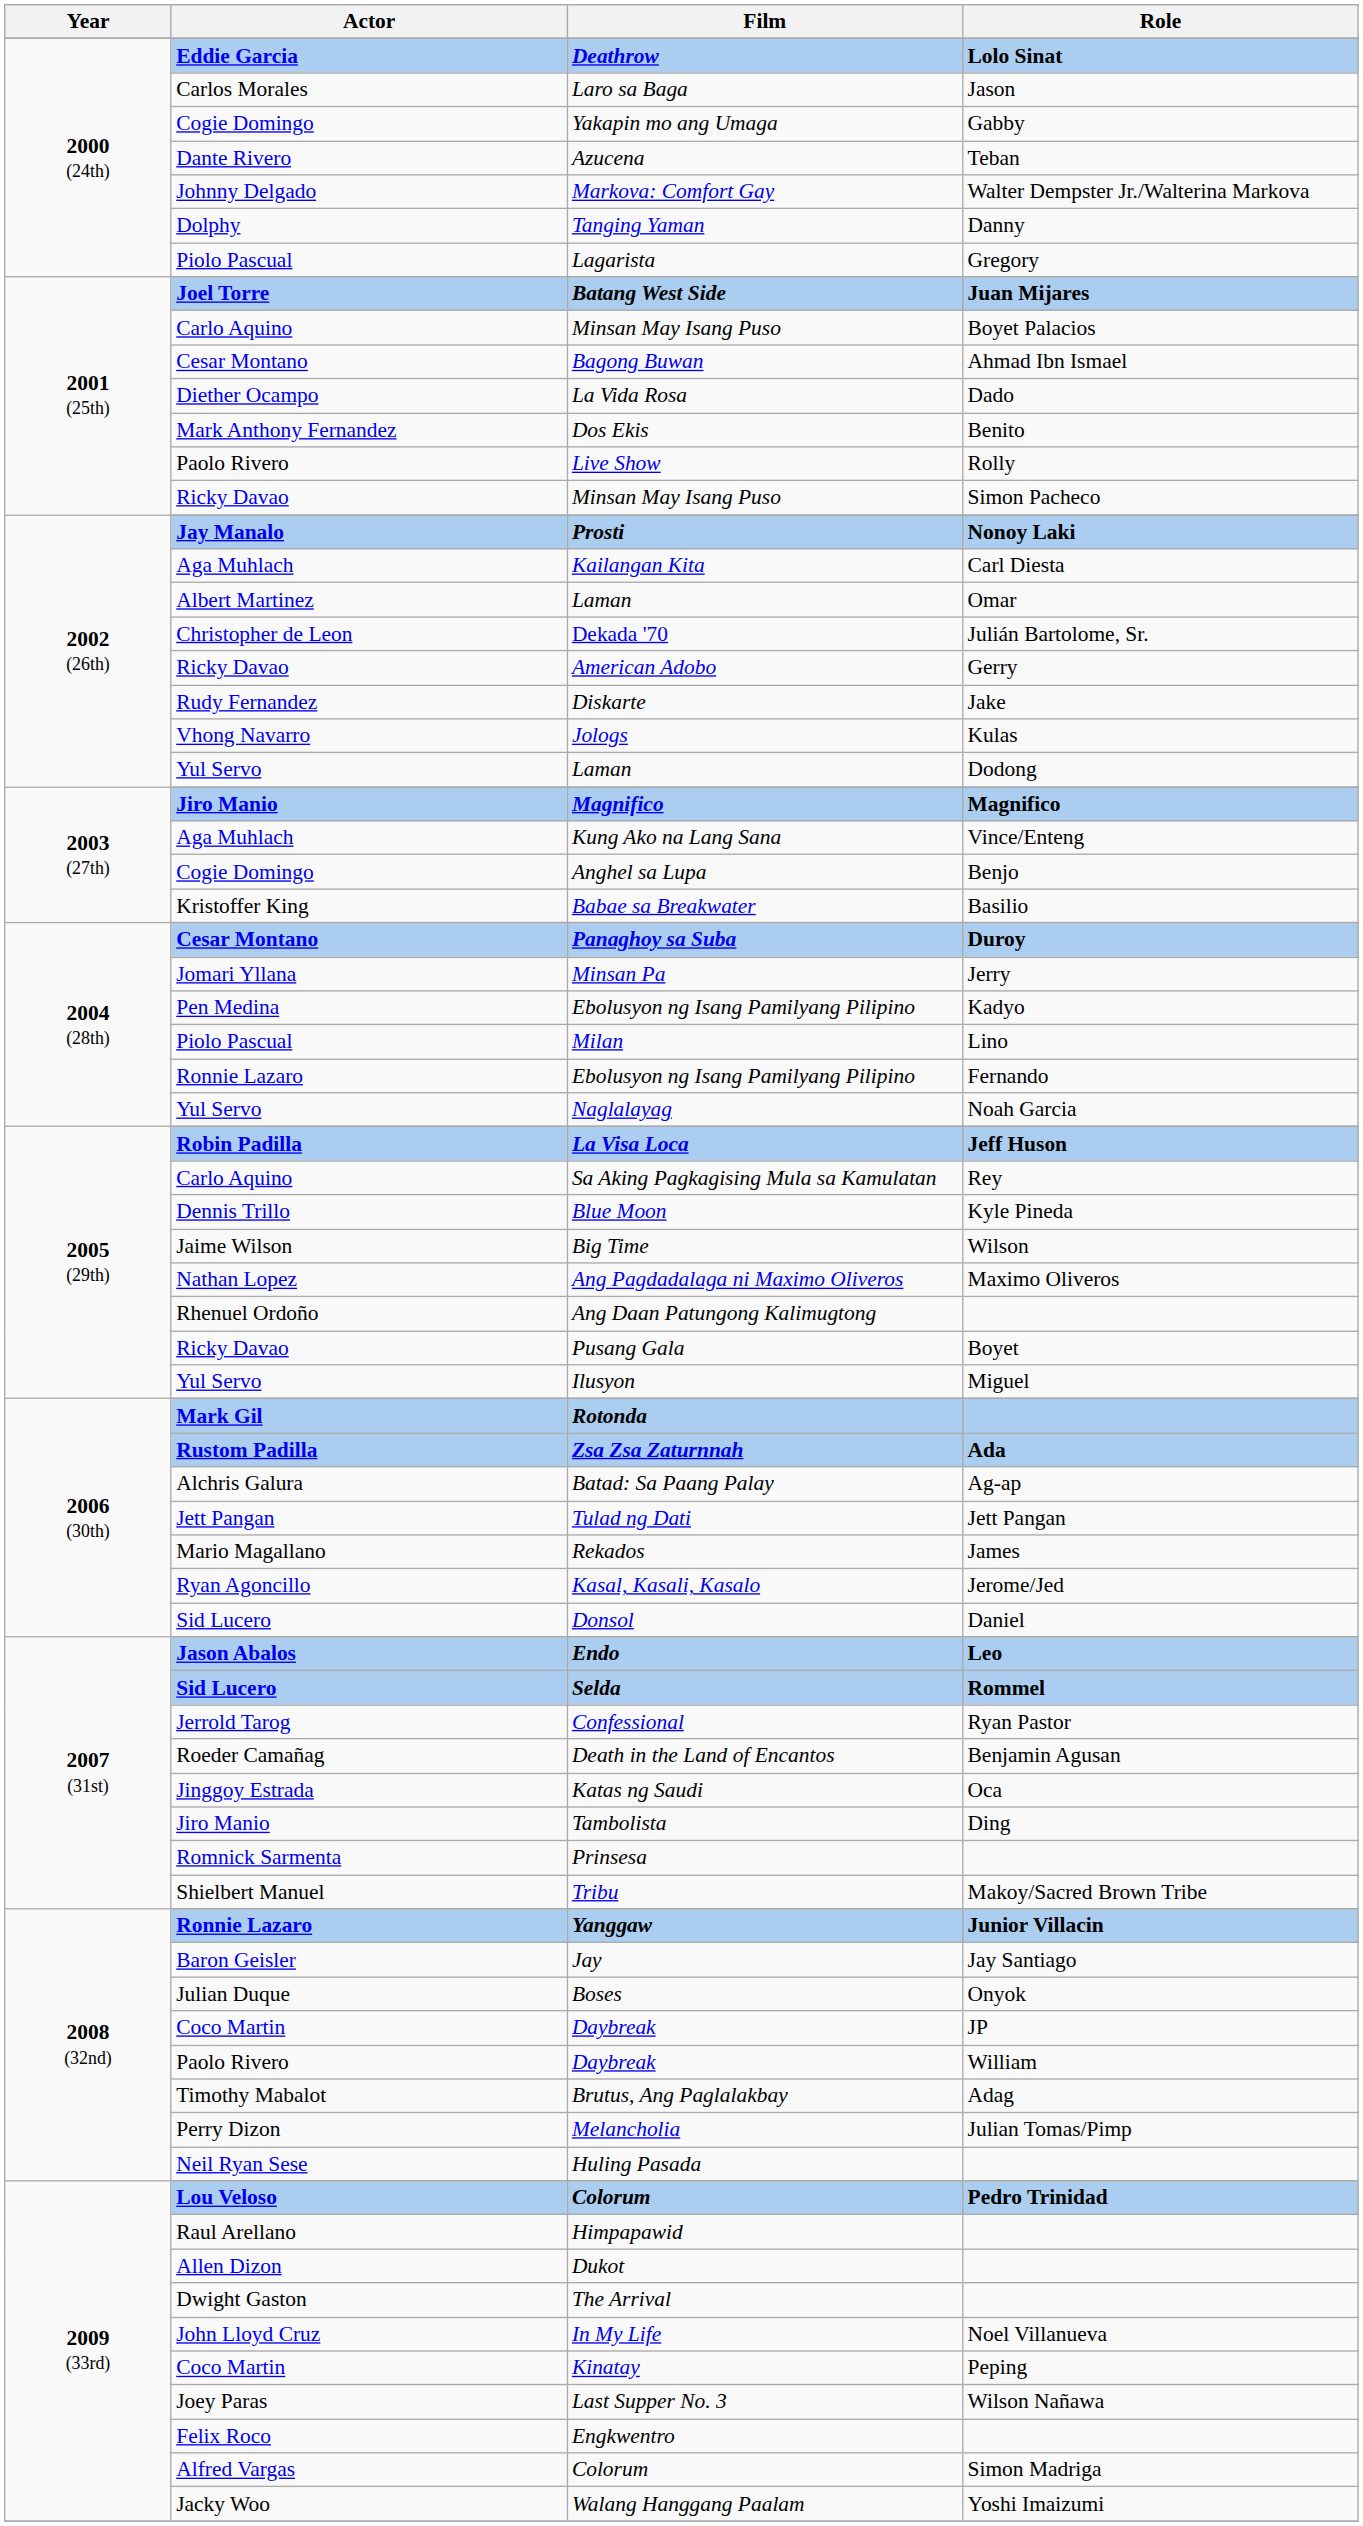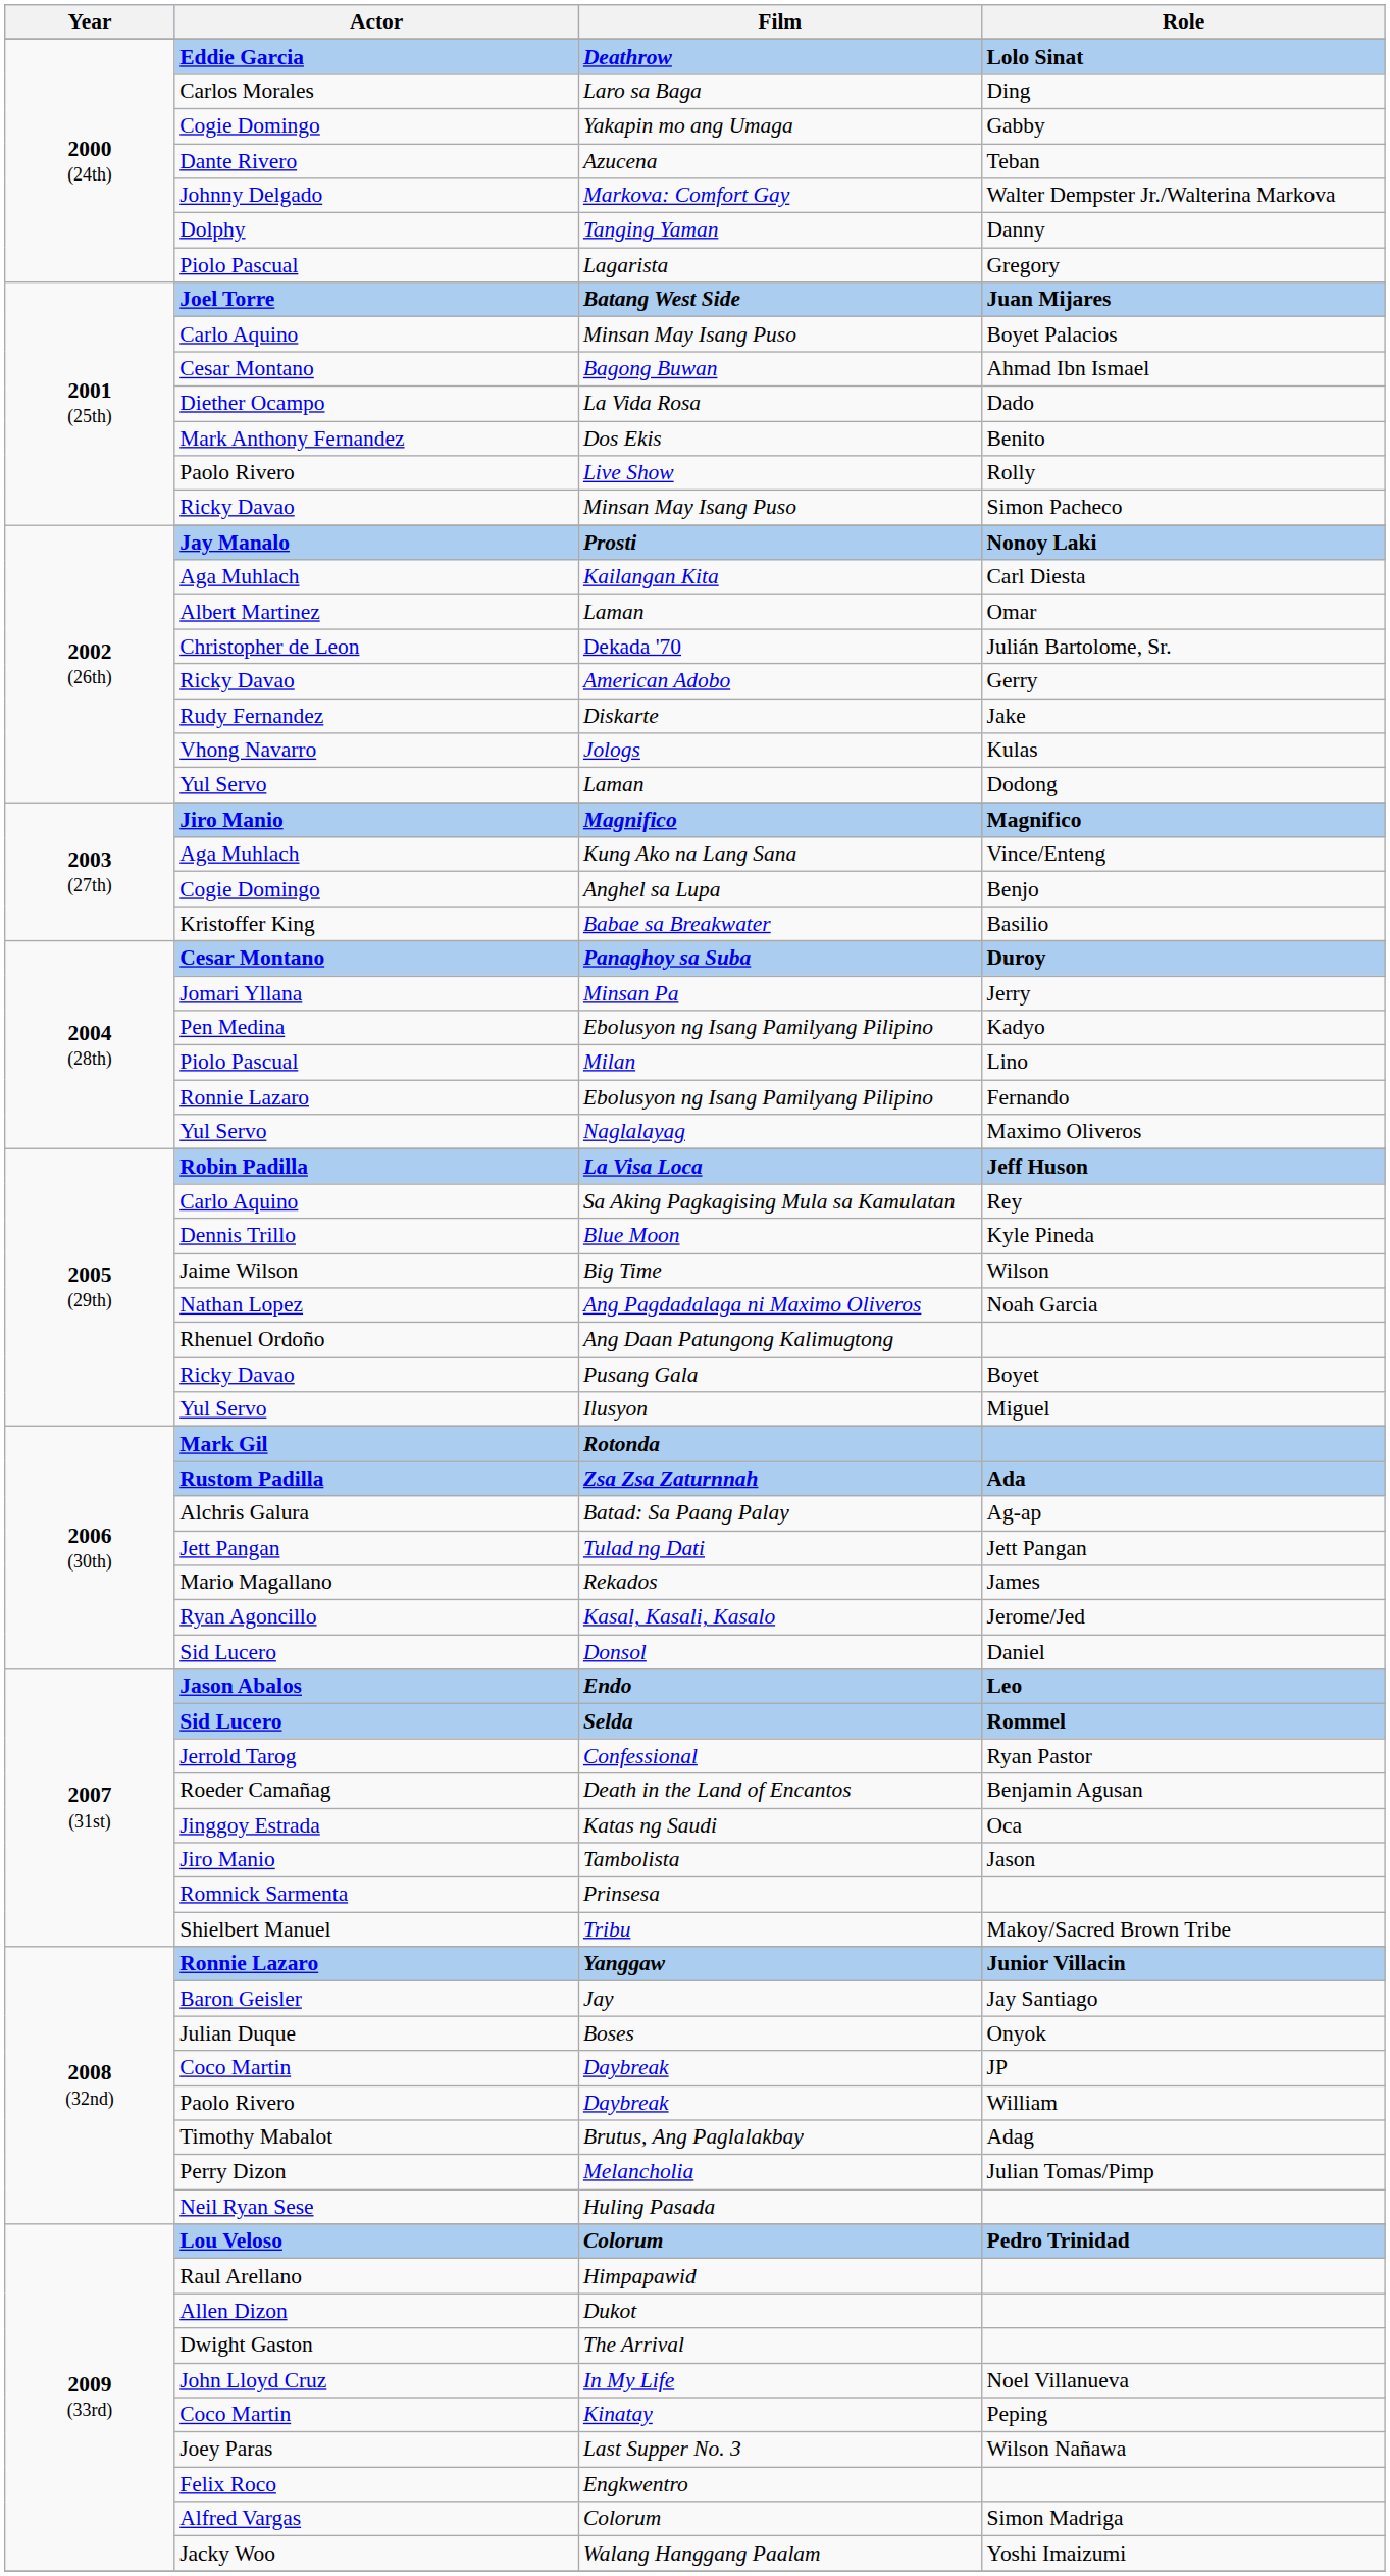 <table class="wikitable" style="width:80%">
 <tr bgcolor="#ABCDEF">
 <th width="8%">Year</th>
 <th width="19%">Actor</th>
 <th width="19%">Film</th>
 <th width="19%">Role</th>
 </tr>
 <tr>
 </tr>
 <tr>
 <td rowspan=8 style="text-align:center"><strong>2000</strong><br><small>(24th)</small></td>
 </tr>
 <tr style="background:#ABCDEF">
 <td><strong><a href='#'>Eddie Garcia</a></strong></td>
 <td><strong><em><a href='#'>Deathrow</a></em></strong></td>
 <td><strong>Lolo Sinat</strong></td>
 </tr>
 <tr>
 <td>Carlos Morales</td>
 <td><em>Laro sa Baga</em></td>
-<td>Jason</td>
+<td>Ding</td>
 </tr>
 <tr>
 <td><a href='#'>Cogie Domingo</a></td>
 <td><em>Yakapin mo ang Umaga</em></td>
 <td>Gabby</td>
 </tr>
 <tr>
 <td><a href='#'>Dante Rivero</a></td>
 <td><em>Azucena</em></td>
 <td>Teban</td>
 </tr>
 <tr>
 <td><a href='#'>Johnny Delgado</a></td>
 <td><em><a href='#'>Markova: Comfort Gay</a></em></td>
 <td>Walter Dempster Jr./Walterina Markova</td>
 </tr>
 <tr>
 <td><a href='#'>Dolphy</a></td>
 <td><em><a href='#'>Tanging Yaman</a></em></td>
 <td>Danny</td>
 </tr>
 <tr>
 <td><a href='#'>Piolo Pascual</a></td>
 <td><em>Lagarista</em></td>
 <td>Gregory</td>
 </tr>
 <tr>
 <td rowspan=8 style="text-align:center"><strong>2001</strong><br><small>(25th)</small></td>
 </tr>
 <tr style="background:#ABCDEF">
 <td><strong><a href='#'>Joel Torre</a></strong></td>
 <td><strong><em>Batang West Side</em></strong></td>
 <td><strong>Juan Mijares</strong></td>
 </tr>
 <tr>
 <td><a href='#'>Carlo Aquino</a></td>
 <td><em>Minsan May Isang Puso</em></td>
 <td>Boyet Palacios</td>
 </tr>
 <tr>
 <td><a href='#'>Cesar Montano</a></td>
 <td><em><a href='#'>Bagong Buwan</a></em></td>
 <td>Ahmad Ibn Ismael</td>
 </tr>
 <tr>
 <td><a href='#'>Diether Ocampo</a></td>
 <td><em>La Vida Rosa</em></td>
 <td>Dado</td>
 </tr>
 <tr>
 <td><a href='#'>Mark Anthony Fernandez</a></td>
 <td><em>Dos Ekis</em></td>
 <td>Benito</td>
 </tr>
 <tr>
 <td>Paolo Rivero</td>
 <td><em><a href='#'>Live Show</a></em></td>
 <td>Rolly</td>
 </tr>
 <tr>
 <td><a href='#'>Ricky Davao</a></td>
 <td><em>Minsan May Isang Puso</em></td>
 <td>Simon Pacheco</td>
 </tr>
 <tr>
 <td rowspan=9 style="text-align:center"><strong>2002</strong><br><small>(26th)</small></td>
 </tr>
 <tr style="background:#ABCDEF">
 <td><strong><a href='#'>Jay Manalo</a></strong></td>
 <td><strong><em>Prosti</em></strong></td>
 <td><strong>Nonoy Laki</strong></td>
 </tr>
 <tr>
 <td><a href='#'>Aga Muhlach</a></td>
 <td><em><a href='#'>Kailangan Kita</a></em></td>
 <td>Carl Diesta</td>
 </tr>
 <tr>
 <td><a href='#'>Albert Martinez</a></td>
 <td><em>Laman</em></td>
 <td>Omar</td>
 </tr>
 <tr>
 <td><a href='#'>Christopher de Leon</a></td>
 <td><a href='#'>Dekada '70</a></td>
 <td>Julián Bartolome, Sr.</td>
 </tr>
 <tr>
 <td><a href='#'>Ricky Davao</a></td>
 <td><em><a href='#'>American Adobo</a></em></td>
 <td>Gerry</td>
 </tr>
 <tr>
 <td><a href='#'>Rudy Fernandez</a></td>
 <td><em>Diskarte</em></td>
 <td>Jake</td>
 </tr>
 <tr>
 <td><a href='#'>Vhong Navarro</a></td>
 <td><em><a href='#'>Jologs</a></em></td>
 <td>Kulas</td>
 </tr>
 <tr>
 <td><a href='#'>Yul Servo</a></td>
 <td><em>Laman</em></td>
 <td>Dodong</td>
 </tr>
 <tr>
 <td rowspan=5 style="text-align:center"><strong>2003</strong><br><small>(27th)</small></td>
 </tr>
 <tr style="background:#ABCDEF">
 <td><strong><a href='#'>Jiro Manio</a></strong></td>
 <td><strong><em><a href='#'>Magnifico</a></em></strong></td>
 <td><strong>Magnifico</strong></td>
 </tr>
 <tr>
 <td><a href='#'>Aga Muhlach</a></td>
 <td><em>Kung Ako na Lang Sana</em></td>
 <td>Vince/Enteng</td>
 </tr>
 <tr>
 <td><a href='#'>Cogie Domingo</a></td>
 <td><em>Anghel sa Lupa</em></td>
 <td>Benjo</td>
 </tr>
 <tr>
 <td>Kristoffer King</td>
 <td><em><a href='#'>Babae sa Breakwater</a></em></td>
 <td>Basilio</td>
 </tr>
 <tr>
 <td rowspan=7 style="text-align:center"><strong>2004</strong><br><small>(28th)</small></td>
 </tr>
 <tr style="background:#ABCDEF">
 <td><strong><a href='#'>Cesar Montano</a></strong></td>
 <td><strong><em><a href='#'>Panaghoy sa Suba</a></em></strong></td>
 <td><strong>Duroy</strong></td>
 </tr>
 <tr>
 <td><a href='#'>Jomari Yllana</a></td>
 <td><em><a href='#'>Minsan Pa</a></em></td>
 <td>Jerry</td>
 </tr>
 <tr>
 <td><a href='#'>Pen Medina</a></td>
 <td><em>Ebolusyon ng Isang Pamilyang Pilipino</em></td>
 <td>Kadyo</td>
 </tr>
 <tr>
 <td><a href='#'>Piolo Pascual</a></td>
 <td><em><a href='#'>Milan</a></em></td>
 <td>Lino</td>
 </tr>
 <tr>
 <td><a href='#'>Ronnie Lazaro</a></td>
 <td><em>Ebolusyon ng Isang Pamilyang Pilipino</em></td>
 <td>Fernando</td>
 </tr>
 <tr>
 <td><a href='#'>Yul Servo</a></td>
 <td><em><a href='#'>Naglalayag</a></em></td>
-<td>Noah Garcia</td>
+<td>Maximo Oliveros</td>
 </tr>
 <tr>
 <td rowspan=9 style="text-align:center"><strong>2005</strong><br><small>(29th)</small></td>
 </tr>
 <tr style="background:#ABCDEF">
 <td><strong><a href='#'>Robin Padilla</a></strong></td>
 <td><strong><em><a href='#'>La Visa Loca</a></em></strong></td>
 <td><strong>Jeff Huson</strong></td>
 </tr>
 <tr>
 <td><a href='#'>Carlo Aquino</a></td>
 <td><em>Sa Aking Pagkagising Mula sa Kamulatan</em></td>
 <td>Rey</td>
 </tr>
 <tr>
 <td><a href='#'>Dennis Trillo</a></td>
 <td><em><a href='#'>Blue Moon</a></em></td>
 <td>Kyle Pineda</td>
 </tr>
 <tr>
 <td>Jaime Wilson</td>
 <td><em>Big Time</em></td>
 <td>Wilson</td>
 </tr>
 <tr>
 <td><a href='#'>Nathan Lopez</a></td>
 <td><em><a href='#'>Ang Pagdadalaga ni Maximo Oliveros</a></em></td>
-<td>Maximo Oliveros</td>
+<td>Noah Garcia</td>
 </tr>
 <tr>
 <td>Rhenuel Ordoño</td>
 <td><em>Ang Daan Patungong Kalimugtong</em></td>
 <td></td>
 </tr>
 <tr>
 <td><a href='#'>Ricky Davao</a></td>
 <td><em>Pusang Gala</em></td>
 <td>Boyet</td>
 </tr>
 <tr>
 <td><a href='#'>Yul Servo</a></td>
 <td><em>Ilusyon</em></td>
 <td>Miguel</td>
 </tr>
 <tr>
 <td rowspan=8 style="text-align:center"><strong>2006</strong><br><small>(30th)</small></td>
 </tr>
 <tr style="background:#ABCDEF">
 <td><strong><a href='#'>Mark Gil</a></strong></td>
 <td><strong><em>Rotonda</em></strong></td>
 <td></td>
 </tr>
 <tr style="background:#ABCDEF">
 <td><strong><a href='#'>Rustom Padilla</a></strong></td>
 <td><strong><em><a href='#'>Zsa Zsa Zaturnnah</a></em></strong></td>
 <td><strong>Ada</strong></td>
 </tr>
 <tr>
 <td>Alchris Galura</td>
 <td><em>Batad: Sa Paang Palay</em></td>
 <td>Ag-ap</td>
 </tr>
 <tr>
 <td><a href='#'>Jett Pangan</a></td>
 <td><em><a href='#'>Tulad ng Dati</a></em></td>
 <td>Jett Pangan</td>
 </tr>
 <tr>
 <td>Mario Magallano</td>
 <td><em>Rekados</em></td>
 <td>James</td>
 </tr>
 <tr>
 <td><a href='#'>Ryan Agoncillo</a></td>
 <td><em><a href='#'>Kasal, Kasali, Kasalo</a></em></td>
 <td>Jerome/Jed</td>
 </tr>
 <tr>
 <td><a href='#'>Sid Lucero</a></td>
 <td><em> <a href='#'>Donsol</a></em></td>
 <td>Daniel</td>
 </tr>
 <tr>
 <td rowspan=9 style="text-align:center"><strong>2007</strong><br><small>(31st)</small></td>
 </tr>
 <tr style="background:#ABCDEF">
 <td><strong><a href='#'>Jason Abalos</a></strong></td>
 <td><strong><em>Endo</em></strong></td>
 <td><strong>Leo</strong></td>
 </tr>
 <tr style="background:#ABCDEF">
 <td><strong><a href='#'>Sid Lucero</a></strong></td>
 <td><strong><em>Selda</em></strong></td>
 <td><strong>Rommel</strong></td>
 </tr>
 <tr>
 <td><a href='#'>Jerrold Tarog</a></td>
 <td><em><a href='#'>Confessional</a></em></td>
 <td>Ryan Pastor</td>
 </tr>
 <tr>
 <td>Roeder Camañag</td>
 <td><em>Death in the Land of Encantos</em></td>
 <td>Benjamin Agusan</td>
 </tr>
 <tr>
 <td><a href='#'>Jinggoy Estrada</a></td>
 <td><em>Katas ng Saudi</em></td>
 <td>Oca</td>
 </tr>
 <tr>
 <td><a href='#'>Jiro Manio</a></td>
 <td><em>Tambolista</em></td>
-<td>Ding</td>
+<td>Jason</td>
 </tr>
 <tr>
 <td><a href='#'>Romnick Sarmenta</a></td>
 <td><em>Prinsesa</em></td>
 <td></td>
 </tr>
 <tr>
 <td>Shielbert Manuel</td>
 <td><em><a href='#'>Tribu</a></em></td>
 <td>Makoy/Sacred Brown Tribe</td>
 </tr>
 <tr>
 <td rowspan=9 style="text-align:center"><strong>2008</strong><br><small>(32nd)</small></td>
 </tr>
 <tr style="background:#ABCDEF">
 <td><strong><a href='#'>Ronnie Lazaro</a></strong></td>
 <td><strong><em>Yanggaw</em></strong></td>
 <td><strong>Junior Villacin</strong></td>
 </tr>
 <tr>
 <td><a href='#'>Baron Geisler</a></td>
 <td><em>Jay</em></td>
 <td>Jay Santiago</td>
 </tr>
 <tr>
 <td>Julian Duque</td>
 <td><em>Boses</em></td>
 <td>Onyok</td>
 </tr>
 <tr>
 <td><a href='#'>Coco Martin</a></td>
 <td><em><a href='#'>Daybreak</a></em></td>
 <td>JP</td>
 </tr>
 <tr>
 <td>Paolo Rivero</td>
 <td><em><a href='#'>Daybreak</a></em></td>
 <td>William</td>
 </tr>
 <tr>
 <td>Timothy Mabalot</td>
 <td><em>Brutus, Ang Paglalakbay</em></td>
 <td>Adag</td>
 </tr>
 <tr>
 <td>Perry Dizon</td>
 <td><em><a href='#'>Melancholia</a></em></td>
 <td>Julian Tomas/Pimp</td>
 </tr>
 <tr>
 <td><a href='#'>Neil Ryan Sese</a></td>
 <td><em>Huling Pasada</em></td>
 <td></td>
 </tr>
 <tr>
 <td rowspan=11 style="text-align:center"><strong>2009</strong><br><small>(33rd)</small></td>
 </tr>
 <tr style="background:#ABCDEF">
 <td><strong><a href='#'>Lou Veloso</a></strong></td>
 <td><strong><em>Colorum</em></strong></td>
 <td><strong>Pedro Trinidad</strong></td>
 </tr>
 <tr>
 <td>Raul Arellano</td>
 <td><em>Himpapawid</em></td>
 <td></td>
 </tr>
 <tr>
 <td><a href='#'>Allen Dizon</a></td>
 <td><em>Dukot </em></td>
 <td></td>
 </tr>
 <tr>
 <td>Dwight Gaston</td>
 <td><em>The Arrival</em></td>
 <td></td>
 </tr>
 <tr>
 <td><a href='#'>John Lloyd Cruz</a></td>
 <td><em><a href='#'>In My Life</a></em></td>
 <td>Noel Villanueva</td>
 </tr>
 <tr>
 <td><a href='#'>Coco Martin</a></td>
 <td><em><a href='#'>Kinatay</a></em></td>
 <td>Peping</td>
 </tr>
 <tr>
 <td>Joey Paras</td>
 <td><em>Last Supper No. 3</em></td>
 <td>Wilson Nañawa</td>
 </tr>
 <tr>
 <td><a href='#'>Felix Roco</a></td>
 <td><em>Engkwentro</em></td>
 <td></td>
 </tr>
 <tr>
 <td><a href='#'>Alfred Vargas</a></td>
 <td><em>Colorum</em></td>
 <td>Simon Madriga</td>
 </tr>
 <tr>
 <td>Jacky Woo</td>
 <td><em>Walang Hanggang Paalam</em></td>
 <td>Yoshi Imaizumi</td>
 </tr>
 <tr>
 </tr>
 </table>
